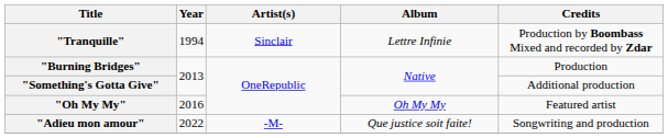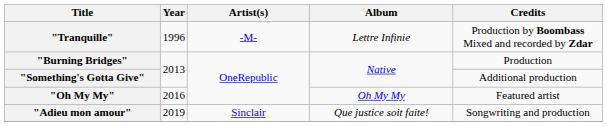 <table class="wikitable plainrowheaders" style="text-align:center;">
 <tr>
 <th scope="col" style="width:16.5em;">Title</th>
 <th scope="col">Year</th>
 <th scope="col" style="width:200px;">Artist(s)</th>
 <th scope="col" style="width:16em;">Album</th>
 <th scope="col" style="width:16em;">Credits</th>
 </tr>
 <tr>
 <th scope="row">"Tranquille"</th>
-<td>1994</td>
-<td><a href='#'>Sinclair</a></td>
+<td>1996</td>
+<td><a href='#'>-M-</a></td>
 <td><em>Lettre Infinie</em></td>
 <td>Production by <strong>Boombass</strong> <br>Mixed and recorded by <strong>Zdar</strong></td>
 </tr>
 <tr>
 <th scope="row">"Burning Bridges"</th>
 <td rowspan="2">2013</td>
 <td rowspan="3"><a href='#'>OneRepublic</a></td>
 <td rowspan="2"><em><a href='#'>Native</a></em></td>
 <td>Production</td>
 </tr>
 <tr>
 <th scope="row">"Something's Gotta Give"</th>
 <td>Additional production</td>
 </tr>
 <tr>
 <th scope="row">"Oh My My"</th>
 <td>2016</td>
 <td><em><a href='#'>Oh My My</a></em></td>
 <td>Featured artist</td>
 </tr>
 <tr>
 <th scope="row">"Adieu mon amour"</th>
-<td>2022</td>
-<td><a href='#'>-M-</a></td>
+<td>2019</td>
+<td><a href='#'>Sinclair</a></td>
 <td><em>Que justice soit faite! </em></td>
 <td>Songwriting and production</td>
 </tr>
 <tr>
 </tr>
 </table>
